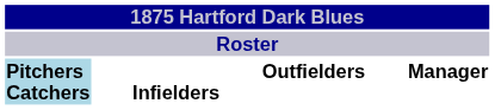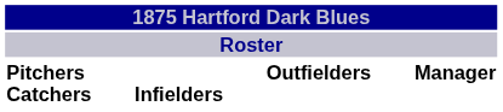 <table class="toccolours" style="font-size: 95%;">
 <tr>
 <th colspan="10" style="background-color: #00008B; color: #C4C3D0; text-align: center;">1875 Hartford Dark Blues</th>
 </tr>
 <tr>
 <td colspan="10" style="background-color: #C4C3D0; color: #00008B; text-align: center;"><strong>Roster</strong></td>
 </tr>
 <tr>
-<td valign="top" style="background: lightblue;"><strong>Pitchers</strong><br>  <strong>Catchers</strong>   </td>
+<td valign="top"><strong>Pitchers</strong><br>  <strong>Catchers</strong>   </td>
 <td width="25px"></td>
 <td valign="top"><br><strong>Infielders</strong>    </td>
 <td width="25px"></td>
 <td valign="top"><strong>Outfielders</strong><br>    </td>
 <td width="25px"></td>
 <td valign="top"><strong>Manager</strong><br></td>
 </tr>
 </table>
